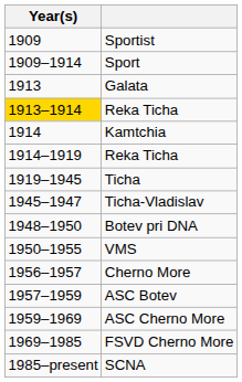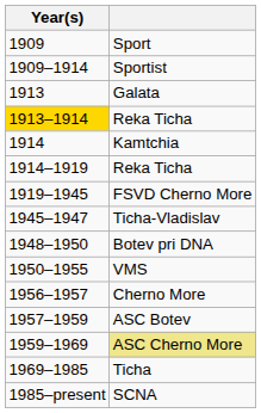 <table class="wikitable">
 <tr>
 <th>Year(s)</th>
 <th></th>
 </tr>
 <tr>
 <td>1909</td>
-<td>Sportist</td>
+<td>Sport</td>
 </tr>
 <tr>
 <td>1909–1914</td>
-<td>Sport</td>
+<td>Sportist</td>
 </tr>
 <tr>
 <td>1913</td>
 <td>Galata</td>
 </tr>
 <tr>
 <td style="background: gold;">1913–1914</td>
 <td>Reka Ticha</td>
 </tr>
 <tr>
 <td>1914</td>
 <td>Kamtchia</td>
 </tr>
 <tr>
 <td>1914–1919</td>
 <td>Reka Ticha</td>
 </tr>
 <tr>
 <td>1919–1945</td>
-<td>Ticha</td>
+<td>FSVD Cherno More</td>
 </tr>
 <tr>
 <td>1945–1947</td>
 <td>Ticha-Vladislav</td>
 </tr>
 <tr>
 <td>1948–1950</td>
 <td>Botev pri DNA</td>
 </tr>
 <tr>
 <td>1950–1955</td>
 <td>VMS</td>
 </tr>
 <tr>
 <td>1956–1957</td>
 <td>Cherno More</td>
 </tr>
 <tr>
 <td>1957–1959</td>
 <td>ASC Botev</td>
 </tr>
 <tr>
 <td>1959–1969</td>
-<td>ASC Cherno More</td>
+<td style="background: khaki;">ASC Cherno More</td>
 </tr>
 <tr>
 <td>1969–1985</td>
-<td>FSVD Cherno More</td>
+<td>Ticha</td>
 </tr>
 <tr>
 <td>1985–present</td>
 <td>SCNA</td>
 </tr>
 </table>
